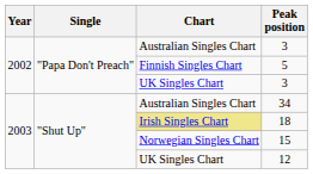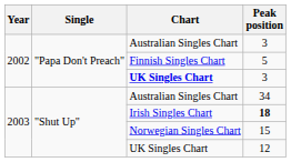 <table class="wikitable sortable">
 <tr>
 <th align="left">Year</th>
 <th align="left">Single</th>
 <th align="left">Chart</th>
 <th align="left">Peak<br> position</th>
 </tr>
 <tr>
 <td rowspan="3">2002</td>
 <td rowspan="3">"Papa Don't Preach"</td>
 <td>Australian Singles Chart</td>
 <td align="center">3</td>
 </tr>
 <tr>
 <td><a href='#'>Finnish Singles Chart</a></td>
 <td align="center">5</td>
 </tr>
 <tr>
-<td><a href='#'>UK Singles Chart</a></td>
+<td><strong><a href='#'>UK Singles Chart</a></strong></td>
 <td align="center">3</td>
 </tr>
 <tr>
 <td rowspan="4">2003</td>
 <td rowspan="4">"Shut Up"</td>
 <td>Australian Singles Chart</td>
 <td align="center">34</td>
 </tr>
 <tr>
-<td style="background: khaki;"><a href='#'>Irish Singles Chart</a></td>
-<td align="center">18</td>
+<td><a href='#'>Irish Singles Chart</a></td>
+<td align="center"><strong>18</strong></td>
 </tr>
 <tr>
 <td><a href='#'>Norwegian Singles Chart</a></td>
 <td align="center">15</td>
 </tr>
 <tr>
 <td>UK Singles Chart</td>
 <td align="center">12</td>
 </tr>
 </table>
